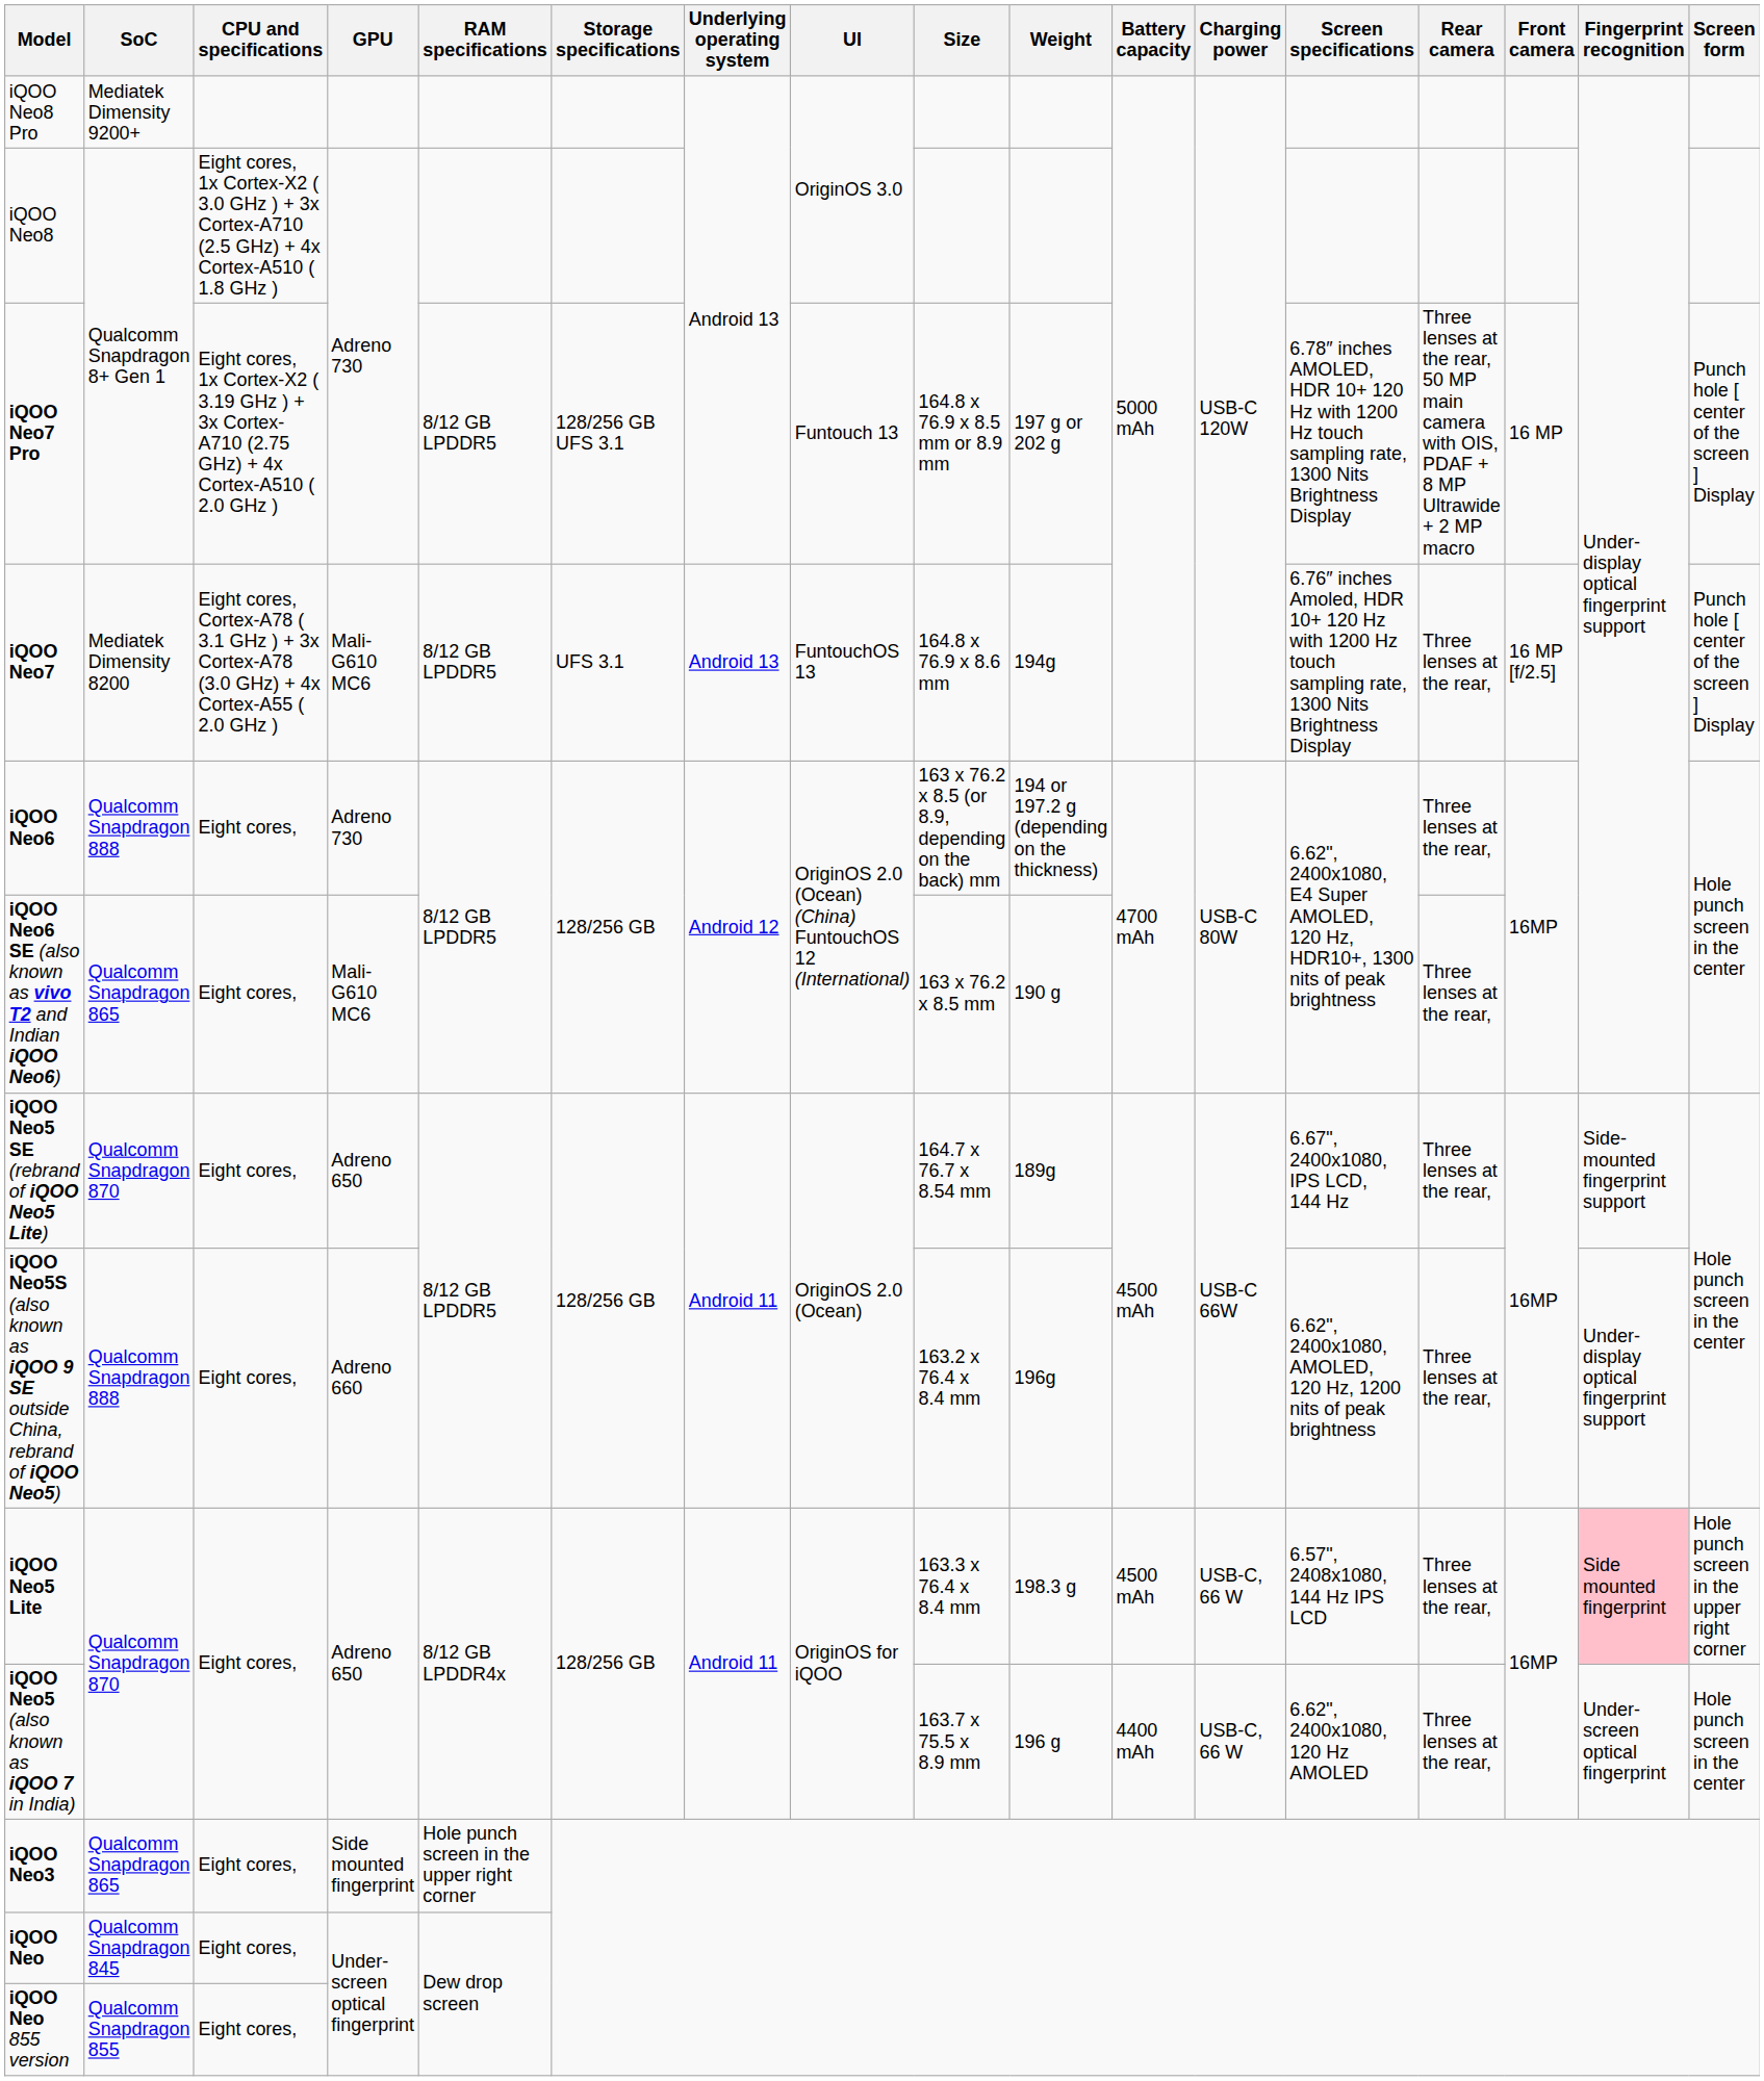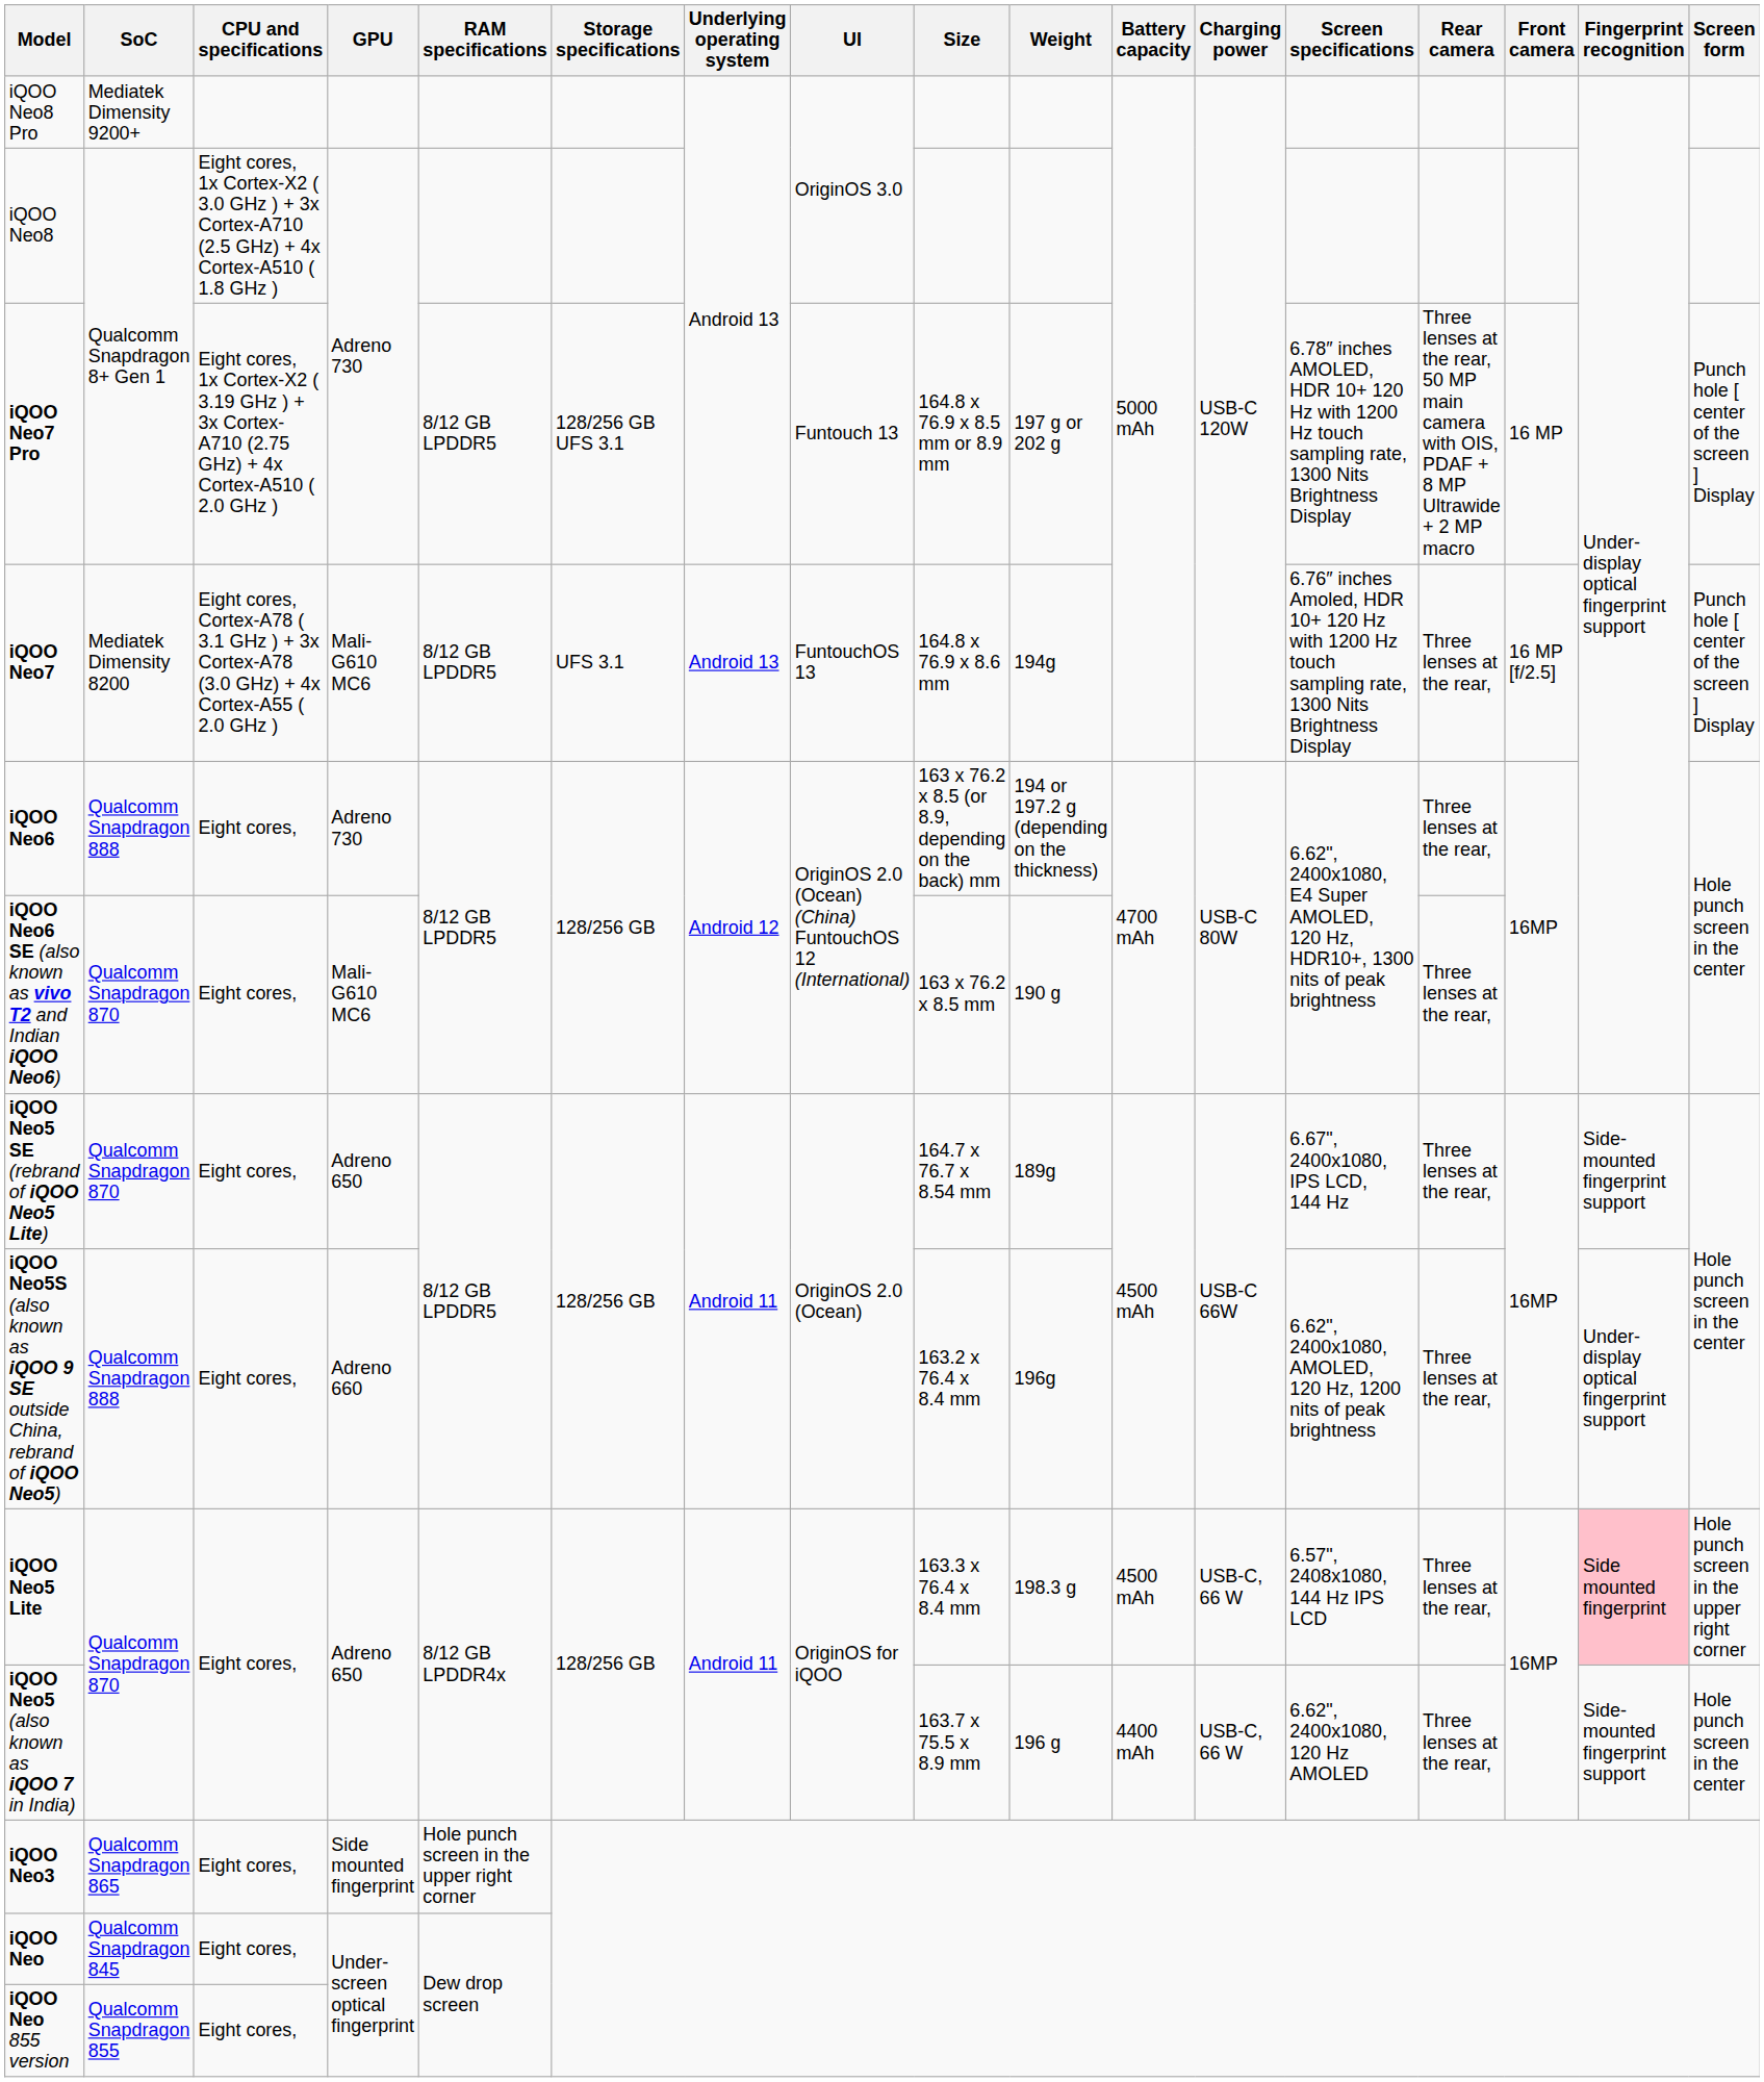 <table class="wikitable">
 <tr>
 <th>Model</th>
 <th>SoC</th>
 <th>CPU and specifications</th>
 <th>GPU</th>
 <th>RAM specifications</th>
 <th>Storage specifications</th>
 <th>Underlying operating system</th>
 <th>UI</th>
 <th>Size</th>
 <th>Weight</th>
 <th>Battery capacity</th>
 <th>Charging power</th>
 <th>Screen specifications</th>
 <th>Rear camera</th>
 <th>Front camera</th>
 <th>Fingerprint recognition</th>
 <th>Screen form</th>
 </tr>
 <tr>
 <td>iQOO Neo8 Pro</td>
 <td>Mediatek Dimensity 9200+</td>
 <td></td>
 <td></td>
 <td></td>
 <td></td>
 <td rowspan="3">Android 13</td>
 <td rowspan="2">OriginOS 3.0</td>
 <td></td>
 <td></td>
 <td rowspan="4">5000 mAh</td>
 <td rowspan="4">USB-C 120W</td>
 <td></td>
 <td></td>
 <td></td>
 <td rowspan="6">Under-display optical fingerprint support</td>
 <td></td>
 </tr>
 <tr>
 <td>iQOO Neo8</td>
 <td rowspan="2">Qualcomm Snapdragon 8+ Gen 1</td>
 <td>Eight cores,<br>1x Cortex-X2 ( 3.0 GHz ) + 3x Cortex-A710 (2.5 GHz) + 4x Cortex-A510 ( 1.8 GHz )</td>
 <td rowspan="2">Adreno 730</td>
 <td></td>
 <td></td>
 <td></td>
 <td></td>
 <td></td>
 <td></td>
 <td></td>
 <td></td>
 </tr>
 <tr>
 <td><strong>iQOO Neo7 Pro</strong></td>
 <td>Eight cores,<br>1x Cortex-X2 ( 3.19 GHz ) + 3x Cortex-A710 (2.75 GHz) + 4x Cortex-A510 ( 2.0 GHz )</td>
 <td>8/12 GB LPDDR5</td>
 <td>128/256 GB<br>UFS 3.1</td>
 <td>Funtouch 13</td>
 <td>164.8 x 76.9 x 8.5 mm or 8.9 mm</td>
 <td>197 g or 202 g</td>
 <td>6.78″ inches<br>AMOLED, HDR 10+ 120 Hz with 1200 Hz touch sampling rate, 1300 Nits Brightness Display</td>
 <td>Three lenses at the rear,<br>50 MP main camera with OIS, PDAF + 8 MP Ultrawide + 2 MP macro</td>
 <td>16 MP</td>
 <td>Punch hole [ center of the screen ] Display</td>
 </tr>
 <tr>
 <td><strong>iQOO Neo7</strong></td>
 <td>Mediatek Dimensity 8200</td>
 <td>Eight cores,<br>Cortex-A78  ( 3.1 GHz ) +  3x Cortex-A78 (3.0 GHz) + 4x  Cortex-A55 ( 2.0 GHz )</td>
 <td>Mali-G610 MC6</td>
 <td>8/12 GB LPDDR5</td>
 <td>UFS 3.1</td>
 <td><a href='#'>Android 13</a></td>
 <td>FuntouchOS 13</td>
 <td>164.8 x 76.9 x 8.6 mm</td>
 <td>194g</td>
 <td>6.76″ inches<br>Amoled, HDR 10+ 120 Hz with 1200 Hz touch sampling rate, 1300 Nits Brightness Display</td>
 <td>Three lenses at the rear,<br></td>
 <td>16 MP [f/2.5]</td>
 <td>Punch hole [ center of the screen ] Display</td>
 </tr>
 <tr>
 <td><strong>iQOO Neo6</strong></td>
 <td><a href='#'>Qualcomm Snapdragon 888</a></td>
 <td>Eight cores,<br></td>
 <td>Adreno 730</td>
 <td rowspan="2">8/12 GB LPDDR5</td>
 <td rowspan="2">128/256 GB<br></td>
 <td rowspan="2"><a href='#'>Android 12</a></td>
 <td rowspan="2">OriginOS 2.0 (Ocean) <em>(China)</em><br>FuntouchOS 12 <em>(International)</em></td>
 <td>163 x 76.2 x 8.5 (or 8.9, depending on the back) mm</td>
 <td>194 or 197.2 g (depending on the thickness)</td>
 <td rowspan="2">4700 mAh</td>
 <td rowspan="2">USB-C 80W</td>
 <td rowspan="2">6.62", 2400x1080, E4 Super AMOLED, 120 Hz, HDR10+, 1300 nits of peak brightness</td>
 <td>Three lenses at the rear,<br></td>
 <td rowspan="2">16MP</td>
 <td rowspan="2">Hole punch screen in the center</td>
 </tr>
 <tr>
 <td><strong>iQOO Neo6 SE</strong> <em>(also known as <strong><a href='#'>vivo T2</a></strong> and Indian <strong>iQOO Neo6</strong>)</em></td>
-<td><a href='#'>Qualcomm Snapdragon 865</a></td>
+<td><a href='#'>Qualcomm Snapdragon 870</a></td>
 <td>Eight cores,<br></td>
 <td>Mali-G610 MC6</td>
 <td>163 x 76.2 x 8.5 mm</td>
 <td>190 g</td>
 <td>Three lenses at the rear,<br></td>
 </tr>
 <tr>
 <td><strong>iQOO Neo5 SE</strong> <em>(rebrand of <strong>iQOO Neo5 Lite</strong>)</em></td>
 <td><a href='#'>Qualcomm Snapdragon 870</a></td>
 <td>Eight cores,<br></td>
 <td>Adreno 650</td>
 <td rowspan="2">8/12 GB LPDDR5</td>
 <td rowspan="2">128/256 GB<br></td>
 <td rowspan="2"><a href='#'>Android 11</a></td>
 <td rowspan="2">OriginOS 2.0 (Ocean)</td>
 <td>164.7 x 76.7 x 8.54 mm</td>
 <td>189g</td>
 <td rowspan="2">4500 mAh</td>
 <td rowspan="2">USB-C 66W</td>
 <td>6.67", 2400x1080, IPS LCD, 144 Hz</td>
 <td>Three lenses at the rear,<br></td>
 <td rowspan="2">16MP</td>
 <td>Side-mounted fingerprint support</td>
 <td rowspan="2">Hole punch screen in the center</td>
 </tr>
 <tr>
 <td><strong>iQOO Neo5S</strong> <em>(also known as <strong>iQOO 9 SE</strong> outside China, rebrand of <strong>iQOO Neo5</strong>)</em></td>
 <td><a href='#'>Qualcomm Snapdragon 888</a></td>
 <td>Eight cores,<br></td>
 <td>Adreno 660</td>
 <td>163.2 x 76.4 x 8.4 mm</td>
 <td>196g</td>
 <td>6.62", 2400x1080, AMOLED, 120 Hz, 1200 nits of peak brightness</td>
 <td>Three lenses at the rear,<br></td>
 <td>Under-display optical fingerprint support</td>
 </tr>
 <tr>
 <td><strong>iQOO Neo5 Lite</strong></td>
 <td rowspan="2"><a href='#'>Qualcomm Snapdragon 870</a></td>
 <td rowspan="2">Eight cores,<br></td>
 <td rowspan="2">Adreno 650</td>
 <td rowspan="2">8/12 GB LPDDR4x</td>
 <td rowspan="2">128/256 GB<br></td>
 <td rowspan="2"><a href='#'>Android 11</a></td>
 <td rowspan="2">OriginOS for iQOO</td>
 <td>163.3 x 76.4 x 8.4 mm</td>
 <td>198.3 g</td>
 <td>4500 mAh</td>
 <td>USB-C, 66 W</td>
 <td>6.57", 2408x1080, 144 Hz IPS LCD</td>
 <td>Three lenses at the rear,<br></td>
 <td rowspan="2">16MP</td>
 <td style="background: pink;">Side mounted fingerprint</td>
 <td>Hole punch screen in the upper right corner</td>
 </tr>
 <tr>
 <td><strong>iQOO Neo5</strong> <em>(also known as <strong>iQOO 7</strong> in India)</em></td>
 <td>163.7 x 75.5 x 8.9 mm</td>
 <td>196 g</td>
 <td>4400 mAh</td>
 <td>USB-C, 66 W</td>
 <td>6.62", 2400x1080, 120 Hz AMOLED</td>
 <td>Three lenses at the rear,<br></td>
-<td>Under-screen optical fingerprint</td>
+<td>Side-mounted fingerprint support</td>
 <td>Hole punch screen in the center</td>
 </tr>
 <tr>
 <td><strong>iQOO Neo3</strong></td>
 <td><a href='#'>Qualcomm Snapdragon 865</a></td>
 <td>Eight cores,<br></td>
 <td>Side mounted fingerprint</td>
 <td>Hole punch screen in the upper right corner</td>
 </tr>
 <tr>
 <td><strong>iQOO Neo</strong></td>
 <td><a href='#'>Qualcomm Snapdragon 845</a></td>
 <td>Eight cores,<br></td>
 <td rowspan="3">Under-screen optical fingerprint</td>
 <td rowspan="3">Dew drop screen</td>
 </tr>
 <tr>
 <td><strong>iQOO Neo</strong> <em>855 version</em></td>
 <td><a href='#'>Qualcomm Snapdragon 855</a></td>
 <td>Eight cores,<br></td>
 </tr>
 </table>
